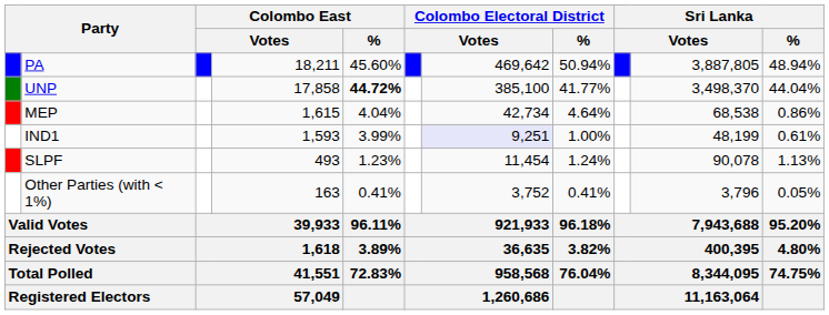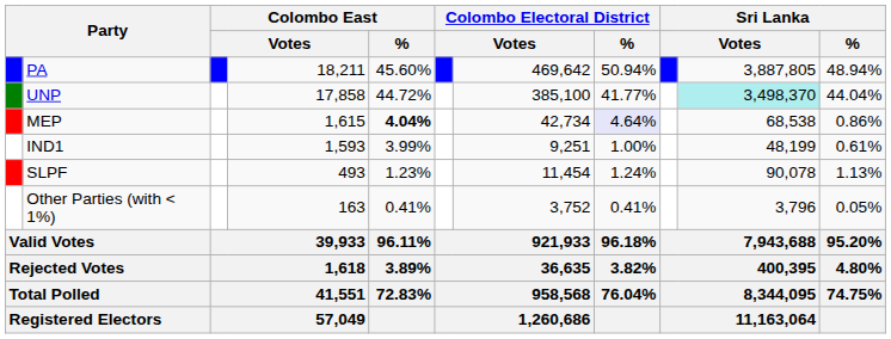 <table class="wikitable">
 <tr>
 <th colspan="2" width="144px"rowspan="2">Party</th>
 <th colspan="3" width="216px">Colombo East</th>
 <th colspan="3" width="216px"><a href='#'>Colombo Electoral District</a></th>
 <th colspan="3" width="216px">Sri Lanka</th>
 </tr>
 <tr>
 <th colspan="2" width="144px">Votes</th>
 <th>%</th>
 <th colspan="2" width="144px">Votes</th>
 <th>%</th>
 <th colspan="2" width="144px">Votes</th>
 <th>%</th>
 </tr>
 <tr>
 <td style="background-color:blue;" width="10px"></td>
 <td style="text-align:left;"><a href='#'>PA</a></td>
 <td style="background-color:blue;" width="10px"></td>
 <td style="text-align:right;">18,211</td>
 <td style="text-align:right;">45.60%</td>
 <td style="background-color:blue;" width="10px"></td>
 <td style="text-align:right;">469,642</td>
 <td style="text-align:right;">50.94%</td>
 <td style="background-color:blue;" width="10px"></td>
 <td style="text-align:right;">3,887,805</td>
 <td style="text-align:right;">48.94%</td>
 </tr>
 <tr>
 <td style="background-color:green;" width="10px"></td>
 <td style="text-align:left;"><a href='#'>UNP</a></td>
 <td style="background-color:white;" width="10px"></td>
 <td style="text-align:right;">17,858</td>
-<td style="text-align:right;"><strong>44.72%</strong></td>
+<td style="text-align:right;">44.72%</td>
 <td style="background-color:white;" width="10px"></td>
 <td style="text-align:right;">385,100</td>
 <td style="text-align:right;">41.77%</td>
 <td style="background-color:white;" width="10px"></td>
-<td style="text-align:right;">3,498,370</td>
+<td style="background: paleturquoise; text-align:right;">3,498,370</td>
 <td style="text-align:right;">44.04%</td>
 </tr>
 <tr>
 <td style="background-color:red;" width="10px"></td>
 <td style="text-align:left;">MEP</td>
 <td style="background-color:white;" width="10px"></td>
 <td style="text-align:right;">1,615</td>
-<td style="text-align:right;">4.04%</td>
+<td style="text-align:right;"><strong>4.04%</strong></td>
 <td style="background-color:white;" width="10px"></td>
 <td style="text-align:right;">42,734</td>
-<td style="text-align:right;">4.64%</td>
+<td style="background: lavender; text-align:right;">4.64%</td>
 <td style="background-color:white;" width="10px"></td>
 <td style="text-align:right;">68,538</td>
 <td style="text-align:right;">0.86%</td>
 </tr>
 <tr>
 <td style="background-color:white;" width="10px"></td>
 <td style="text-align:left;">IND1</td>
 <td style="background-color:white;" width="10px"></td>
 <td style="text-align:right;">1,593</td>
 <td style="text-align:right;">3.99%</td>
 <td style="background-color:white;" width="10px"></td>
-<td style="background: lavender; text-align:right;">9,251</td>
+<td style="text-align:right;">9,251</td>
 <td style="text-align:right;">1.00%</td>
 <td style="background-color:white;" width="10px"></td>
 <td style="text-align:right;">48,199</td>
 <td style="text-align:right;">0.61%</td>
 </tr>
 <tr>
 <td style="background-color:red;" width="10px"></td>
 <td style="text-align:left;">SLPF</td>
 <td style="background-color:white;" width="10px"></td>
 <td style="text-align:right;">493</td>
 <td style="text-align:right;">1.23%</td>
 <td style="background-color:white;" width="10px"></td>
 <td style="text-align:right;">11,454</td>
 <td style="text-align:right;">1.24%</td>
 <td style="background-color:white;" width="10px"></td>
 <td style="text-align:right;">90,078</td>
 <td style="text-align:right;">1.13%</td>
 </tr>
 <tr>
 <td style="background-color:white;" width="10px"></td>
 <td style="text-align:left;">Other Parties (with < 1%)</td>
 <td style="background-color:white;" width="10px"></td>
 <td style="text-align:right;">163</td>
 <td style="text-align:right;">0.41%</td>
 <td style="background-color:white;" width="10px"></td>
 <td style="text-align:right;">3,752</td>
 <td style="text-align:right;">0.41%</td>
 <td style="background-color:white;" width="10px"></td>
 <td style="text-align:right;">3,796</td>
 <td style="text-align:right;">0.05%</td>
 </tr>
 <tr>
 <th colspan="2" width="144px"style="text-align:left;">Valid Votes</th>
 <th style="text-align:right;"colspan="2" width="144px">39,933</th>
 <th style="text-align:right;">96.11%</th>
 <th style="text-align:right;"colspan="2" width="144px">921,933</th>
 <th style="text-align:right;">96.18%</th>
 <th style="text-align:right;"colspan="2" width="144px">7,943,688</th>
 <th style="text-align:right;">95.20%</th>
 </tr>
 <tr>
 <th colspan="2" width="144px"style="text-align:left;">Rejected Votes</th>
 <th style="text-align:right;"colspan="2" width="144px">1,618</th>
 <th style="text-align:right;">3.89%</th>
 <th style="text-align:right;"colspan="2" width="144px">36,635</th>
 <th style="text-align:right;">3.82%</th>
 <th style="text-align:right;"colspan="2" width="144px">400,395</th>
 <th style="text-align:right;">4.80%</th>
 </tr>
 <tr>
 <th colspan="2" width="144px"style="text-align:left;">Total Polled</th>
 <th style="text-align:right;"colspan="2" width="144px">41,551</th>
 <th style="text-align:right;">72.83%</th>
 <th style="text-align:right;"colspan="2" width="144px">958,568</th>
 <th style="text-align:right;">76.04%</th>
 <th style="text-align:right;"colspan="2" width="144px">8,344,095</th>
 <th style="text-align:right;">74.75%</th>
 </tr>
 <tr>
 <th colspan="2" width="144px"style="text-align:left;">Registered Electors</th>
 <th style="text-align:right;"colspan="2" width="144px">57,049</th>
 <th></th>
 <th style="text-align:right;"colspan="2" width="144px">1,260,686</th>
 <th></th>
 <th style="text-align:right;"colspan="2" width="144px">11,163,064</th>
 <th></th>
 </tr>
 </table>
